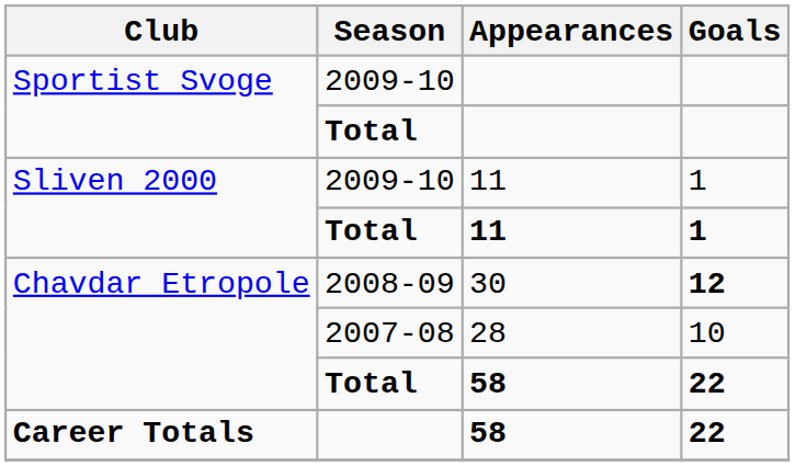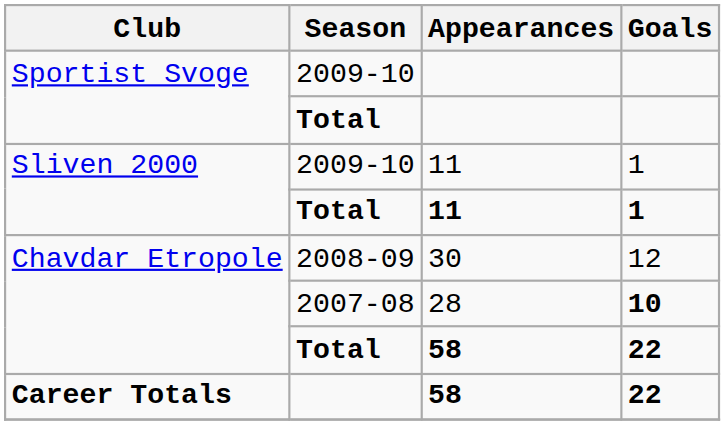 <table class="wikitable">
 <tr>
 <th rowspan="1">Club</th>
 <th rowspan="1">Season</th>
 <th rowspan="1">Appearances</th>
 <th rowspan="1">Goals</th>
 </tr>
 <tr>
 <td rowspan="2" valign=top><a href='#'>Sportist Svoge</a></td>
 <td>2009-10</td>
 <td></td>
 <td></td>
 </tr>
 <tr>
 <td><strong>Total</strong></td>
 <td></td>
 <td></td>
 </tr>
 <tr>
 <td rowspan="2" valign=top><a href='#'>Sliven 2000</a></td>
 <td>2009-10</td>
 <td>11</td>
 <td>1</td>
 </tr>
 <tr>
 <td><strong>Total</strong></td>
 <td><strong>11</strong></td>
 <td><strong>1</strong></td>
 </tr>
 <tr>
 <td rowspan="3" valign=top><a href='#'>Chavdar Etropole</a></td>
 <td>2008-09</td>
 <td>30</td>
-<td><strong>12</strong></td>
+<td>12</td>
 </tr>
 <tr>
 <td>2007-08</td>
 <td>28</td>
-<td>10</td>
+<td><strong>10</strong></td>
 </tr>
 <tr>
 <td><strong>Total</strong></td>
 <td><strong>58</strong></td>
 <td><strong>22</strong></td>
 </tr>
 <tr>
 <td rowspan="1" valign=top><strong>Career Totals</strong></td>
 <td></td>
 <td><strong>58</strong></td>
 <td><strong>22</strong></td>
 </tr>
 <tr>
 </tr>
 </table>
